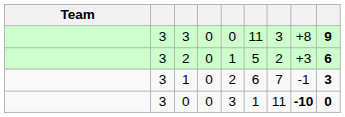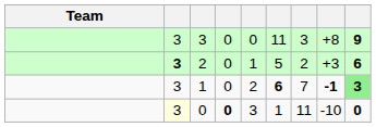 <table class="wikitable" style="text-align: center;">
 <tr>
 <th width="165">Team</th>
 <th width="20"></th>
 <th width="20"></th>
 <th width="20"></th>
 <th width="20"></th>
 <th width="20"></th>
 <th width="20"></th>
 <th width="20"></th>
 <th width="20"></th>
 </tr>
 <tr bgcolor=ccffcc>
 <td style="text-align:left;"></td>
 <td>3</td>
 <td>3</td>
 <td>0</td>
 <td>0</td>
 <td>11</td>
 <td>3</td>
 <td>+8</td>
 <td><strong>9</strong></td>
 </tr>
 <tr bgcolor=ccffcc>
 <td style="text-align:left;"></td>
-<td>3</td>
+<td><strong>3</strong></td>
 <td>2</td>
 <td>0</td>
 <td>1</td>
 <td>5</td>
 <td>2</td>
 <td>+3</td>
 <td><strong>6</strong></td>
 </tr>
 <tr>
 <td style="text-align:left;"></td>
 <td>3</td>
 <td>1</td>
 <td>0</td>
 <td>2</td>
-<td>6</td>
+<td><strong>6</strong></td>
 <td>7</td>
-<td>-1</td>
-<td><strong>3</strong></td>
+<td><strong>-1</strong></td>
+<td style="background: lightgreen;"><strong>3</strong></td>
 </tr>
 <tr>
 <td style="text-align:left;"></td>
-<td>3</td>
+<td style="background: lightyellow;">3</td>
 <td>0</td>
-<td>0</td>
+<td><strong>0</strong></td>
 <td>3</td>
 <td>1</td>
 <td>11</td>
-<td><strong>-10</strong></td>
+<td>-10</td>
 <td><strong>0</strong></td>
 </tr>
 </table>
